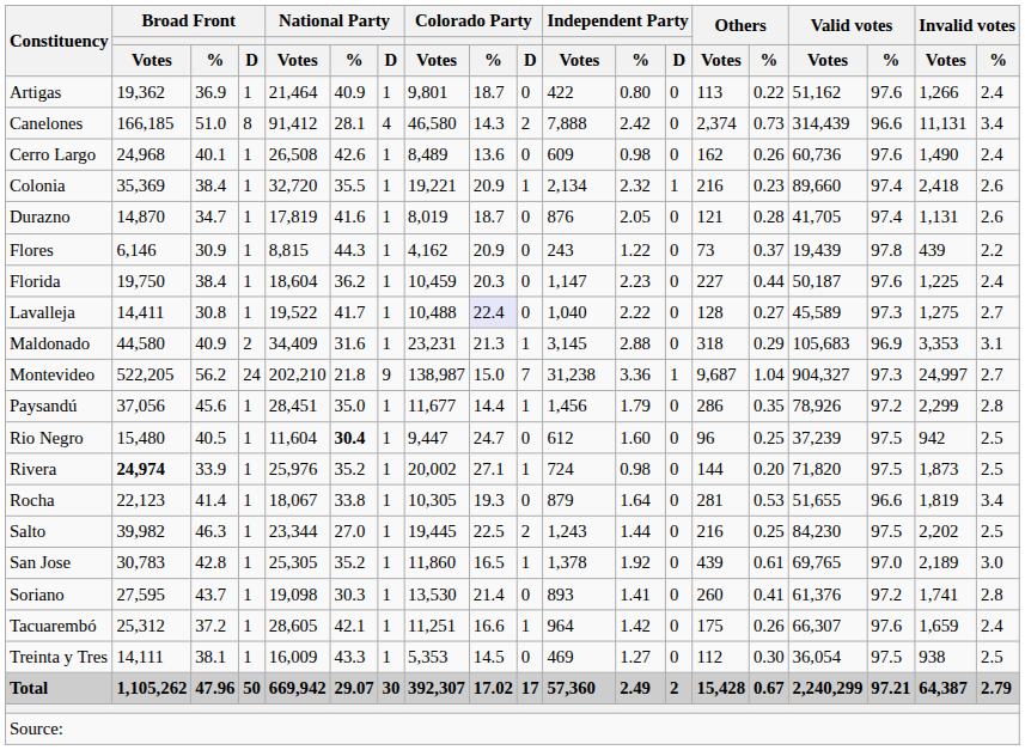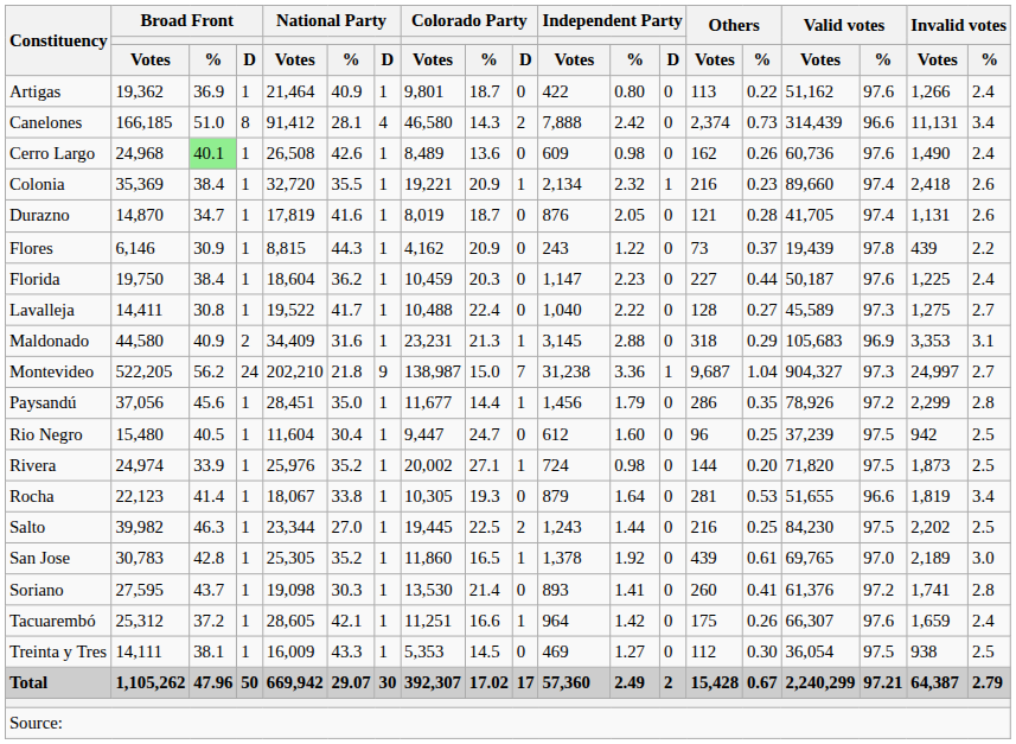 <table class="wikitable sortable collapsible collapsed tpl-blanktable" style="text-align:left; font-size:95%; line-height:20px;">
 <tr>
 <th rowspan="3">Constituency</th>
 <th colspan="3" width="30px" class="unsortable">Broad Front</th>
 <th colspan="3" width="30px" class="unsortable">National Party</th>
 <th colspan="3" width="30px" class="unsortable">Colorado Party</th>
 <th colspan="3">Independent Party</th>
 <th colspan="2" rowspan="2">Others</th>
 <th colspan="2" rowspan="2">Valid votes</th>
 <th colspan="2" rowspan="2">Invalid votes</th>
 </tr>
 <tr>
 <th colspan="3" style="background:"></th>
 <th colspan="3" style="background:"></th>
 <th colspan="3" style="background:"></th>
 <th colspan="3" style="background:"></th>
 </tr>
 <tr>
 <th data-sort-type="number">Votes</th>
 <th data-sort-type="number">%</th>
 <th>D</th>
 <th data-sort-type="number">Votes</th>
 <th data-sort-type="number">%</th>
 <th>D</th>
 <th data-sort-type="number">Votes</th>
 <th data-sort-type="number">%</th>
 <th>D</th>
 <th>Votes</th>
 <th>%</th>
 <th>D</th>
 <th>Votes</th>
 <th>%</th>
 <th>Votes</th>
 <th>%</th>
 <th>Votes</th>
 <th>%</th>
 </tr>
 <tr>
 <td align="left">Artigas</td>
 <td>19,362</td>
 <td>36.9</td>
 <td>1</td>
 <td style="background:">21,464</td>
 <td style="background:">40.9</td>
 <td>1</td>
 <td>9,801</td>
 <td>18.7</td>
 <td>0</td>
 <td>422</td>
 <td>0.80</td>
 <td>0</td>
 <td>113</td>
 <td>0.22</td>
 <td>51,162</td>
 <td>97.6</td>
 <td>1,266</td>
 <td>2.4</td>
 </tr>
 <tr>
 <td align="left">Canelones</td>
 <td style="background:">166,185</td>
 <td style="background:">51.0</td>
 <td>8</td>
 <td>91,412</td>
 <td>28.1</td>
 <td>4</td>
 <td>46,580</td>
 <td>14.3</td>
 <td>2</td>
 <td>7,888</td>
 <td>2.42</td>
 <td>0</td>
 <td>2,374</td>
 <td>0.73</td>
 <td>314,439</td>
 <td>96.6</td>
 <td>11,131</td>
 <td>3.4</td>
 </tr>
 <tr>
 <td align="left">Cerro Largo</td>
 <td>24,968</td>
-<td>40.1</td>
+<td style="background: lightgreen;">40.1</td>
 <td>1</td>
 <td style="background:">26,508</td>
 <td style="background:">42.6</td>
 <td>1</td>
 <td>8,489</td>
 <td>13.6</td>
 <td>0</td>
 <td>609</td>
 <td>0.98</td>
 <td>0</td>
 <td>162</td>
 <td>0.26</td>
 <td>60,736</td>
 <td>97.6</td>
 <td>1,490</td>
 <td>2.4</td>
 </tr>
 <tr>
 <td align="left">Colonia</td>
 <td style="background:">35,369</td>
 <td style="background:">38.4</td>
 <td>1</td>
 <td>32,720</td>
 <td>35.5</td>
 <td>1</td>
 <td>19,221</td>
 <td>20.9</td>
 <td>1</td>
 <td>2,134</td>
 <td>2.32</td>
 <td>1</td>
 <td>216</td>
 <td>0.23</td>
 <td>89,660</td>
 <td>97.4</td>
 <td>2,418</td>
 <td>2.6</td>
 </tr>
 <tr>
 <td align="left">Durazno</td>
 <td>14,870</td>
 <td>34.7</td>
 <td>1</td>
 <td style="background:">17,819</td>
 <td style="background:">41.6</td>
 <td>1</td>
 <td>8,019</td>
 <td>18.7</td>
 <td>0</td>
 <td>876</td>
 <td>2.05</td>
 <td>0</td>
 <td>121</td>
 <td>0.28</td>
 <td>41,705</td>
 <td>97.4</td>
 <td>1,131</td>
 <td>2.6</td>
 </tr>
 <tr>
 <td align="left">Flores</td>
 <td>6,146</td>
 <td>30.9</td>
 <td>1</td>
 <td style="background:">8,815</td>
 <td style="background:">44.3</td>
 <td>1</td>
 <td>4,162</td>
 <td>20.9</td>
 <td>0</td>
 <td>243</td>
 <td>1.22</td>
 <td>0</td>
 <td>73</td>
 <td>0.37</td>
 <td>19,439</td>
 <td>97.8</td>
 <td>439</td>
 <td>2.2</td>
 </tr>
 <tr>
 <td align="left">Florida</td>
 <td style="background:">19,750</td>
 <td style="background:">38.4</td>
 <td>1</td>
 <td>18,604</td>
 <td>36.2</td>
 <td>1</td>
 <td>10,459</td>
 <td>20.3</td>
 <td>0</td>
 <td>1,147</td>
 <td>2.23</td>
 <td>0</td>
 <td>227</td>
 <td>0.44</td>
 <td>50,187</td>
 <td>97.6</td>
 <td>1,225</td>
 <td>2.4</td>
 </tr>
 <tr>
 <td align="left">Lavalleja</td>
 <td>14,411</td>
 <td>30.8</td>
 <td>1</td>
 <td style="background:">19,522</td>
 <td style="background:">41.7</td>
 <td>1</td>
 <td>10,488</td>
-<td style="background: lavender;">22.4</td>
+<td>22.4</td>
 <td>0</td>
 <td>1,040</td>
 <td>2.22</td>
 <td>0</td>
 <td>128</td>
 <td>0.27</td>
 <td>45,589</td>
 <td>97.3</td>
 <td>1,275</td>
 <td>2.7</td>
 </tr>
 <tr>
 <td align="left">Maldonado</td>
 <td style="background:">44,580</td>
 <td style="background:">40.9</td>
 <td>2</td>
 <td>34,409</td>
 <td>31.6</td>
 <td>1</td>
 <td>23,231</td>
 <td>21.3</td>
 <td>1</td>
 <td>3,145</td>
 <td>2.88</td>
 <td>0</td>
 <td>318</td>
 <td>0.29</td>
 <td>105,683</td>
 <td>96.9</td>
 <td>3,353</td>
 <td>3.1</td>
 </tr>
 <tr>
 <td align="left">Montevideo</td>
 <td style="background:">522,205</td>
 <td style="background:">56.2</td>
 <td>24</td>
 <td>202,210</td>
 <td>21.8</td>
 <td>9</td>
 <td>138,987</td>
 <td>15.0</td>
 <td>7</td>
 <td>31,238</td>
 <td>3.36</td>
 <td>1</td>
 <td>9,687</td>
 <td>1.04</td>
 <td>904,327</td>
 <td>97.3</td>
 <td>24,997</td>
 <td>2.7</td>
 </tr>
 <tr>
 <td align="left">Paysandú</td>
 <td style="background:">37,056</td>
 <td style="background:">45.6</td>
 <td>1</td>
 <td>28,451</td>
 <td>35.0</td>
 <td>1</td>
 <td>11,677</td>
 <td>14.4</td>
 <td>1</td>
 <td>1,456</td>
 <td>1.79</td>
 <td>0</td>
 <td>286</td>
 <td>0.35</td>
 <td>78,926</td>
 <td>97.2</td>
 <td>2,299</td>
 <td>2.8</td>
 </tr>
 <tr>
 <td align="left">Rio Negro</td>
 <td style="background:">15,480</td>
 <td style="background:">40.5</td>
 <td>1</td>
 <td>11,604</td>
-<td><strong>30.4</strong></td>
+<td>30.4</td>
 <td>1</td>
 <td>9,447</td>
 <td>24.7</td>
 <td>0</td>
 <td>612</td>
 <td>1.60</td>
 <td>0</td>
 <td>96</td>
 <td>0.25</td>
 <td>37,239</td>
 <td>97.5</td>
 <td>942</td>
 <td>2.5</td>
 </tr>
 <tr>
 <td align="left">Rivera</td>
-<td><strong>24,974</strong></td>
+<td>24,974</td>
 <td>33.9</td>
 <td>1</td>
 <td style="background:">25,976</td>
 <td style="background:">35.2</td>
 <td>1</td>
 <td>20,002</td>
 <td>27.1</td>
 <td>1</td>
 <td>724</td>
 <td>0.98</td>
 <td>0</td>
 <td>144</td>
 <td>0.20</td>
 <td>71,820</td>
 <td>97.5</td>
 <td>1,873</td>
 <td>2.5</td>
 </tr>
 <tr>
 <td align="left">Rocha</td>
 <td style="background:">22,123</td>
 <td style="background:">41.4</td>
 <td>1</td>
 <td>18,067</td>
 <td>33.8</td>
 <td>1</td>
 <td>10,305</td>
 <td>19.3</td>
 <td>0</td>
 <td>879</td>
 <td>1.64</td>
 <td>0</td>
 <td>281</td>
 <td>0.53</td>
 <td>51,655</td>
 <td>96.6</td>
 <td>1,819</td>
 <td>3.4</td>
 </tr>
 <tr>
 <td align="left">Salto</td>
 <td style="background:">39,982</td>
 <td style="background:">46.3</td>
 <td>1</td>
 <td>23,344</td>
 <td>27.0</td>
 <td>1</td>
 <td>19,445</td>
 <td>22.5</td>
 <td>2</td>
 <td>1,243</td>
 <td>1.44</td>
 <td>0</td>
 <td>216</td>
 <td>0.25</td>
 <td>84,230</td>
 <td>97.5</td>
 <td>2,202</td>
 <td>2.5</td>
 </tr>
 <tr>
 <td align="left">San Jose</td>
 <td style="background:">30,783</td>
 <td style="background:">42.8</td>
 <td>1</td>
 <td>25,305</td>
 <td>35.2</td>
 <td>1</td>
 <td>11,860</td>
 <td>16.5</td>
 <td>1</td>
 <td>1,378</td>
 <td>1.92</td>
 <td>0</td>
 <td>439</td>
 <td>0.61</td>
 <td>69,765</td>
 <td>97.0</td>
 <td>2,189</td>
 <td>3.0</td>
 </tr>
 <tr>
 <td align="left">Soriano</td>
 <td style="background:">27,595</td>
 <td style="background:">43.7</td>
 <td>1</td>
 <td>19,098</td>
 <td>30.3</td>
 <td>1</td>
 <td>13,530</td>
 <td>21.4</td>
 <td>0</td>
 <td>893</td>
 <td>1.41</td>
 <td>0</td>
 <td>260</td>
 <td>0.41</td>
 <td>61,376</td>
 <td>97.2</td>
 <td>1,741</td>
 <td>2.8</td>
 </tr>
 <tr>
 <td align="left">Tacuarembó</td>
 <td>25,312</td>
 <td>37.2</td>
 <td>1</td>
 <td style="background:">28,605</td>
 <td style="background:">42.1</td>
 <td>1</td>
 <td>11,251</td>
 <td>16.6</td>
 <td>1</td>
 <td>964</td>
 <td>1.42</td>
 <td>0</td>
 <td>175</td>
 <td>0.26</td>
 <td>66,307</td>
 <td>97.6</td>
 <td>1,659</td>
 <td>2.4</td>
 </tr>
 <tr>
 <td align="left">Treinta y Tres</td>
 <td>14,111</td>
 <td>38.1</td>
 <td>1</td>
 <td style="background:">16,009</td>
 <td style="background:">43.3</td>
 <td>1</td>
 <td>5,353</td>
 <td>14.5</td>
 <td>0</td>
 <td>469</td>
 <td>1.27</td>
 <td>0</td>
 <td>112</td>
 <td>0.30</td>
 <td>36,054</td>
 <td>97.5</td>
 <td>938</td>
 <td>2.5</td>
 </tr>
 <tr style="background:#CDCDCD;">
 <td align="left"><strong>Total</strong></td>
 <td style="background:"><strong>1,105,262</strong></td>
 <td style="background:"><strong>47.96</strong></td>
 <td><strong>50</strong></td>
 <td><strong>669,942</strong></td>
 <td><strong>29.07</strong></td>
 <td><strong>30</strong></td>
 <td><strong>392,307</strong></td>
 <td><strong>17.02</strong></td>
 <td><strong>17</strong></td>
 <td><strong>57,360</strong></td>
 <td><strong>2.49</strong></td>
 <td><strong>2</strong></td>
 <td><strong>15,428</strong></td>
 <td><strong>0.67</strong></td>
 <td><strong>2,240,299</strong></td>
 <td><strong>97.21</strong></td>
 <td><strong>64,387</strong></td>
 <td><strong>2.79</strong></td>
 </tr>
 <tr>
 <th colspan="19"></th>
 </tr>
 <tr>
 <th colspan="19" style="text-align:left; font-weight:normal; background:#F9F9F9">Source: </th>
 </tr>
 </table>
